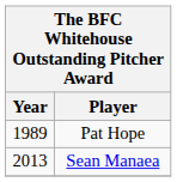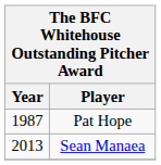 <table class="wikitable" style="display: inline-table; margin-right: 20px; text-align:center">
 <tr>
 <th scope="col" colspan="2" style="width: 145px;">The BFC Whitehouse Outstanding Pitcher Award</th>
 </tr>
 <tr>
 <th scope="col">Year</th>
 <th scope="col">Player</th>
 </tr>
 <tr>
-<td>1989</td>
+<td>1987</td>
 <td>Pat Hope</td>
 </tr>
 <tr>
 <td>2013</td>
 <td><a href='#'>Sean Manaea</a></td>
 </tr>
 <tr>
 </tr>
 </table>
